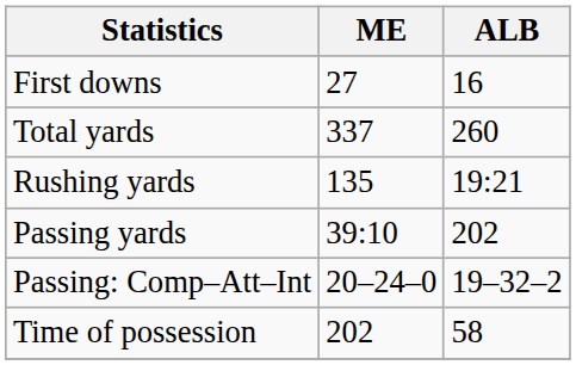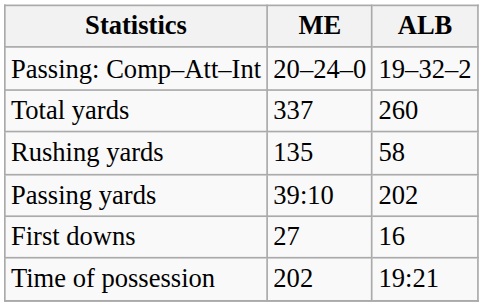 <table class="wikitable" style="float: left;">
 <tr>
 <th>Statistics</th>
 <th>ME</th>
 <th>ALB</th>
 </tr>
 <tr>
-<td>First downs</td>
-<td>27</td>
-<td>16</td>
+<td>Passing: Comp–Att–Int</td>
+<td>20–24–0</td>
+<td>19–32–2</td>
 </tr>
 <tr>
 <td>Total yards</td>
 <td>337</td>
 <td>260</td>
 </tr>
 <tr>
 <td>Rushing yards</td>
 <td>135</td>
-<td>19:21</td>
+<td>58</td>
 </tr>
 <tr>
 <td>Passing yards</td>
 <td>39:10</td>
 <td>202</td>
 </tr>
 <tr>
-<td>Passing: Comp–Att–Int</td>
-<td>20–24–0</td>
-<td>19–32–2</td>
+<td>First downs</td>
+<td>27</td>
+<td>16</td>
 </tr>
 <tr>
 <td>Time of possession</td>
 <td>202</td>
-<td>58</td>
+<td>19:21</td>
 </tr>
 <tr>
 </tr>
 </table>
